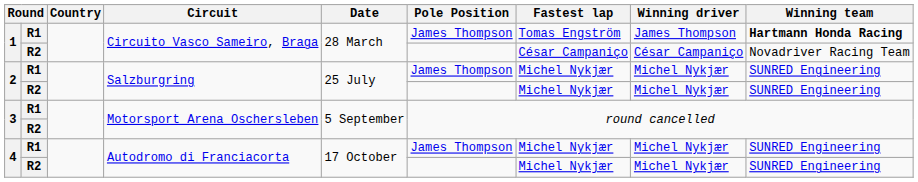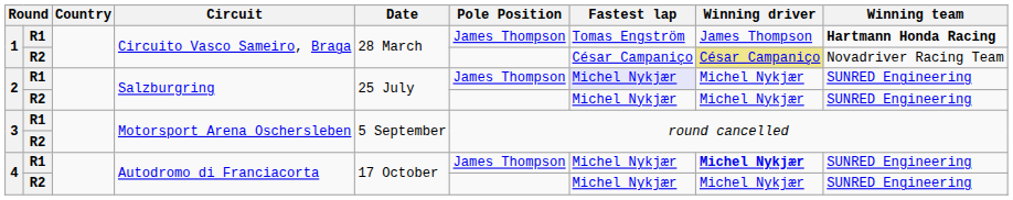 <table class="wikitable" style="font-size: 85%;">
 <tr>
 <th colspan=2>Round</th>
 <th>Country</th>
 <th>Circuit</th>
 <th>Date</th>
 <th>Pole Position</th>
 <th>Fastest lap</th>
 <th>Winning driver</th>
 <th>Winning team</th>
 </tr>
 <tr>
 <th rowspan=2>1</th>
 <th>R1</th>
 <td rowspan=2></td>
 <td rowspan=2><a href='#'>Circuito Vasco Sameiro</a>, <a href='#'>Braga</a></td>
 <td rowspan=2>28 March</td>
 <td> <a href='#'>James Thompson</a></td>
 <td> <a href='#'>Tomas Engström</a></td>
 <td> <a href='#'>James Thompson</a></td>
 <td><strong> Hartmann Honda Racing</strong></td>
 </tr>
 <tr>
 <th>R2</th>
 <td></td>
 <td> <a href='#'>César Campaniço</a></td>
-<td> <a href='#'>César Campaniço</a></td>
+<td style="background: khaki;"> <a href='#'>César Campaniço</a></td>
 <td> Novadriver Racing Team</td>
 </tr>
 <tr>
 <th rowspan=2>2</th>
 <th>R1</th>
 <td rowspan=2></td>
 <td rowspan=2><a href='#'>Salzburgring</a></td>
 <td rowspan=2>25 July</td>
 <td> <a href='#'>James Thompson</a></td>
-<td> <a href='#'>Michel Nykjær</a></td>
+<td style="background: lavender;"> <a href='#'>Michel Nykjær</a></td>
 <td> <a href='#'>Michel Nykjær</a></td>
 <td> <a href='#'>SUNRED Engineering</a></td>
 </tr>
 <tr>
 <th>R2</th>
 <td></td>
 <td> <a href='#'>Michel Nykjær</a></td>
 <td> <a href='#'>Michel Nykjær</a></td>
 <td> <a href='#'>SUNRED Engineering</a></td>
 </tr>
 <tr>
 <th rowspan=2>3</th>
 <th>R1</th>
 <td rowspan=2></td>
 <td rowspan=2><a href='#'>Motorsport Arena Oschersleben</a></td>
 <td rowspan=2>5 September</td>
 <td rowspan=2 colspan=4 align=center><em>round cancelled</em></td>
 </tr>
 <tr>
 <th>R2</th>
 </tr>
 <tr>
 <th rowspan=2>4</th>
 <th>R1</th>
 <td rowspan=2></td>
 <td rowspan=2><a href='#'>Autodromo di Franciacorta</a></td>
 <td rowspan=2>17 October</td>
 <td> <a href='#'>James Thompson</a></td>
 <td> <a href='#'>Michel Nykjær</a></td>
-<td> <a href='#'>Michel Nykjær</a></td>
+<td><strong> <a href='#'>Michel Nykjær</a></strong></td>
 <td> <a href='#'>SUNRED Engineering</a></td>
 </tr>
 <tr>
 <th>R2</th>
 <td></td>
 <td> <a href='#'>Michel Nykjær</a></td>
 <td> <a href='#'>Michel Nykjær</a></td>
 <td> <a href='#'>SUNRED Engineering</a></td>
 </tr>
 </table>
